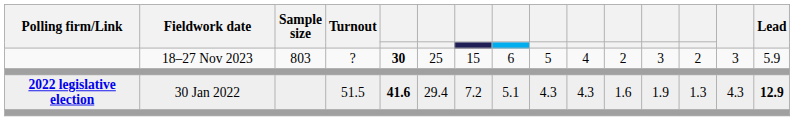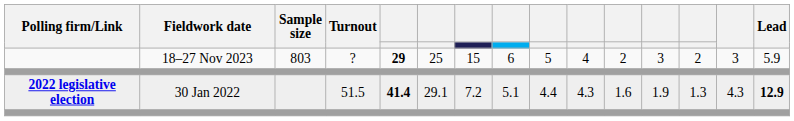 <table class="wikitable sortable mw-datatable" style="text-align:center;font-size:95%;line-height:16px;">
 <tr style="height:42px;">
 <th style="width:145px;" rowspan="2">Polling firm/Link</th>
 <th style="width:145px;" rowspan="2">Fieldwork date</th>
 <th class="unsortable" style="width:50px;" rowspan="2">Sample size</th>
 <th class="unsortable" style="width:45px;" rowspan="2">Turnout</th>
 <th class="sortable" style="width:35px;"></th>
 <th class="sortable" style="width:35px;"></th>
 <th class="sortable" style="width:35px;"></th>
 <th class="sortable" style="width:35px;"></th>
 <th class="sortable" style="width:35px;"></th>
 <th class="sortable" style="width:35px;"></th>
 <th class="sortable" style="width:35px;"></th>
 <th class="sortable" style="width:35px;"></th>
 <th class="sortable" style="width:35px;"></th>
 <th class="unsortable" style="width:35px;" rowspan="2"></th>
 <th class="unsortable" style="width:30px;" rowspan="2">Lead</th>
 </tr>
 <tr>
 <th class="sortable" style="color:inherit;background:"></th>
 <th class="sortable" style="color:inherit;background:"></th>
 <th class="sortable" style="color:inherit;background:#202056;"></th>
 <th class="sortable" style="color:inherit;background:#00ADEF;"></th>
 <th class="sortable" style="color:inherit;background:"></th>
 <th class="sortable" style="color:inherit;background:"></th>
 <th class="sortable" style="color:inherit;background:"></th>
 <th class="sortable" style="color:inherit;background:"></th>
 <th class="sortable" style="color:inherit;background:"></th>
 </tr>
 <tr>
 <td></td>
 <td>18–27 Nov 2023</td>
 <td>803</td>
 <td>?</td>
-<td><strong>30</strong></td>
+<td><strong>29</strong></td>
 <td>25</td>
 <td>15</td>
 <td>6</td>
 <td>5</td>
 <td>4</td>
 <td>2</td>
 <td>3</td>
 <td>2</td>
 <td>3</td>
 <td style="background:">5.9</td>
 </tr>
 <tr>
 <td colspan="15" style="background:#A0A0A0"></td>
 </tr>
 <tr style="background:#EFEFEF">
 <td><strong><a href='#'>2022 legislative election</a></strong></td>
 <td>30 Jan 2022</td>
 <td></td>
 <td>51.5</td>
-<td><strong>41.6</strong><br></td>
-<td>29.4<br></td>
+<td><strong>41.4</strong><br></td>
+<td>29.1<br></td>
 <td>7.2<br></td>
 <td>5.1<br></td>
-<td>4.3<br></td>
+<td>4.4<br></td>
 <td>4.3<br></td>
 <td>1.6<br></td>
 <td>1.9<br></td>
 <td>1.3<br></td>
 <td>4.3<br></td>
 <td style="background:"><strong>12.9</strong></td>
 </tr>
 <tr>
 <td colspan="15" style="background:#A0A0A0"></td>
 </tr>
 </table>
